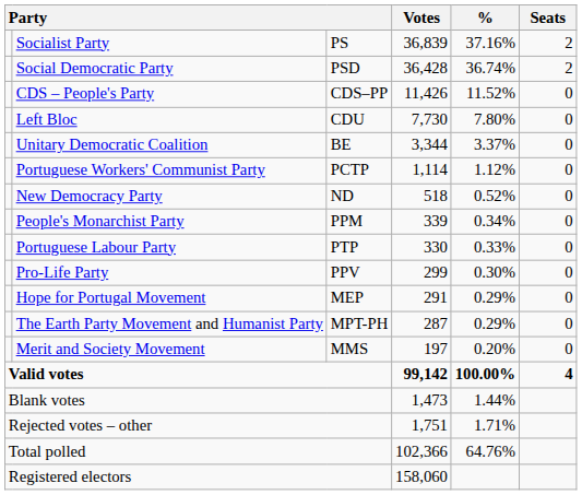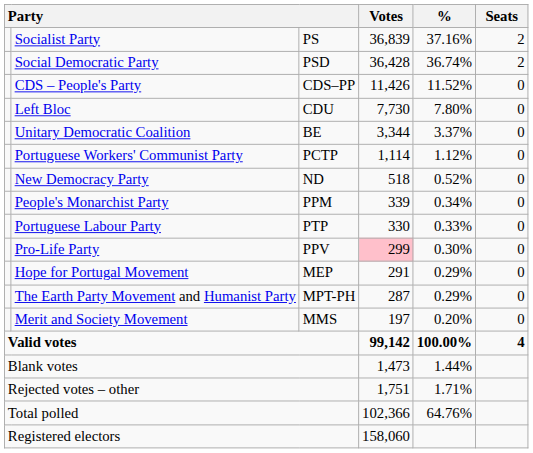 <table class="wikitable" border="1" style="text-align:right;">
 <tr>
 <th style="text-align:left;" colspan=3>Party</th>
 <th align=center width="50">Votes</th>
 <th align=center width="50">%</th>
 <th align=center width="50">Seats</th>
 </tr>
 <tr>
 <td></td>
 <td align=left><a href='#'>Socialist Party</a></td>
 <td align=left>PS</td>
 <td>36,839</td>
 <td>37.16%</td>
 <td>2</td>
 </tr>
 <tr>
 <td></td>
 <td align=left><a href='#'>Social Democratic Party</a></td>
 <td align=left>PSD</td>
 <td>36,428</td>
 <td>36.74%</td>
 <td>2</td>
 </tr>
 <tr>
 <td></td>
 <td align=left><a href='#'>CDS – People's Party</a></td>
 <td align=left style="white-space: nowrap;">CDS–PP</td>
 <td>11,426</td>
 <td>11.52%</td>
 <td>0</td>
 </tr>
 <tr>
 <td></td>
 <td align=left><a href='#'>Left Bloc</a></td>
 <td align=left>CDU</td>
 <td>7,730</td>
 <td>7.80%</td>
 <td>0</td>
 </tr>
 <tr>
 <td></td>
 <td align=left style="white-space: nowrap;"><a href='#'>Unitary Democratic Coalition</a></td>
 <td align=left>BE</td>
 <td>3,344</td>
 <td>3.37%</td>
 <td>0</td>
 </tr>
 <tr>
 <td></td>
 <td align=left><a href='#'>Portuguese Workers' Communist Party</a></td>
 <td align=left>PCTP</td>
 <td>1,114</td>
 <td>1.12%</td>
 <td>0</td>
 </tr>
 <tr>
 <td></td>
 <td align=left><a href='#'>New Democracy Party</a></td>
 <td align=left>ND</td>
 <td>518</td>
 <td>0.52%</td>
 <td>0</td>
 </tr>
 <tr>
 <td></td>
 <td align=left><a href='#'>People's Monarchist Party</a></td>
 <td align=left>PPM</td>
 <td>339</td>
 <td>0.34%</td>
 <td>0</td>
 </tr>
 <tr>
 <td></td>
 <td align=left><a href='#'>Portuguese Labour Party</a></td>
 <td align=left>PTP</td>
 <td>330</td>
 <td>0.33%</td>
 <td>0</td>
 </tr>
 <tr>
 <td></td>
 <td align=left><a href='#'>Pro-Life Party</a></td>
 <td align=left>PPV</td>
-<td>299</td>
+<td style="background: pink;">299</td>
 <td>0.30%</td>
 <td>0</td>
 </tr>
 <tr>
 <td></td>
 <td align=left><a href='#'>Hope for Portugal Movement</a></td>
 <td align=left>MEP</td>
 <td>291</td>
 <td>0.29%</td>
 <td>0</td>
 </tr>
 <tr>
 <td></td>
 <td align=left><a href='#'>The Earth Party Movement</a> and <a href='#'>Humanist Party</a></td>
 <td align=left>MPT-PH</td>
 <td>287</td>
 <td>0.29%</td>
 <td>0</td>
 </tr>
 <tr>
 <td></td>
 <td align=left><a href='#'>Merit and Society Movement</a></td>
 <td align=left>MMS</td>
 <td>197</td>
 <td>0.20%</td>
 <td>0</td>
 </tr>
 <tr style="font-weight:bold">
 <td align=left colspan=3>Valid votes</td>
 <td>99,142</td>
 <td>100.00%</td>
 <td>4</td>
 </tr>
 <tr>
 <td align=left colspan=3>Blank votes</td>
 <td>1,473</td>
 <td>1.44%</td>
 <td></td>
 </tr>
 <tr>
 <td align=left colspan=3>Rejected votes – other</td>
 <td>1,751</td>
 <td>1.71%</td>
 <td></td>
 </tr>
 <tr>
 <td align=left colspan=3>Total polled</td>
 <td>102,366</td>
 <td>64.76%</td>
 <td></td>
 </tr>
 <tr>
 <td align=left colspan=3>Registered electors</td>
 <td>158,060</td>
 <td></td>
 <td></td>
 </tr>
 </table>
